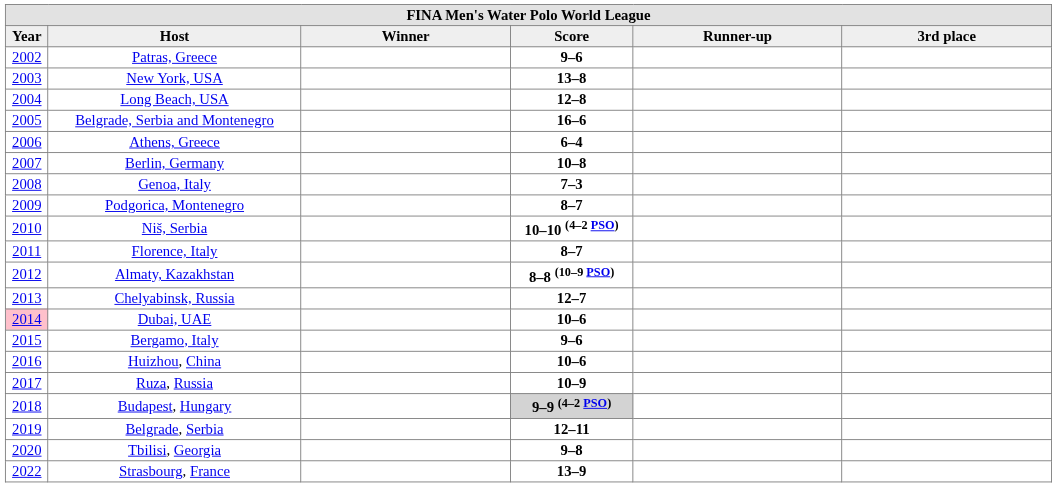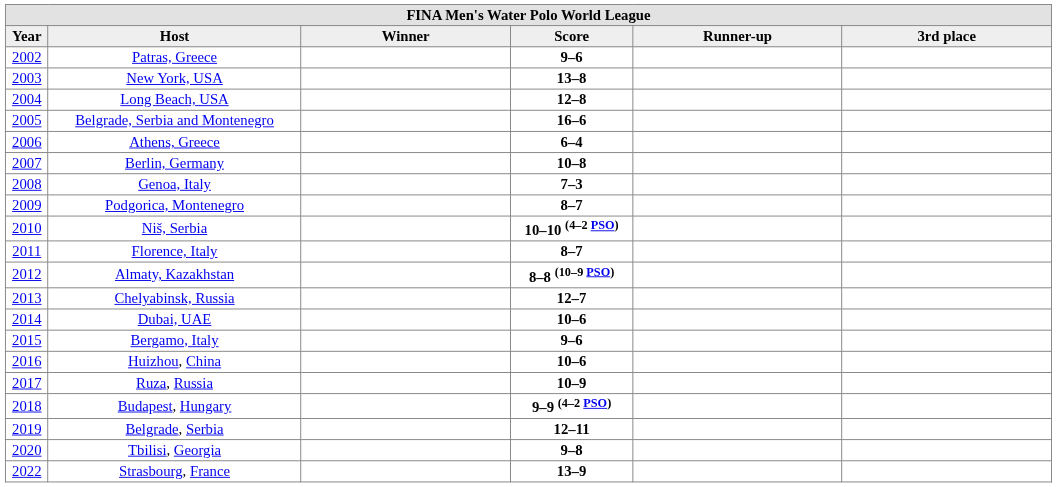 <table class="toccolours" border="1" cellpadding="2" style="border-collapse: collapse; text-align: center; width: 90%; margin: 0 auto;">
 <tr style= "background: #e2e2e2;">
 <th colspan=6 width=100%>FINA Men's Water Polo World League</th>
 </tr>
 <tr style="background: #efefef;">
 <th>Year</th>
 <th>Host</th>
 <th width=20%>Winner</th>
 <th>Score</th>
 <th width=20%>Runner-up</th>
 <th width=20%>3rd place</th>
 </tr>
 <tr>
 <td><a href='#'>2002</a></td>
 <td><a href='#'>Patras, Greece</a></td>
 <td><strong></strong></td>
 <td><strong>9–6</strong></td>
 <td></td>
 <td></td>
 </tr>
 <tr>
 <td><a href='#'>2003</a></td>
 <td><a href='#'>New York, USA</a></td>
 <td><strong></strong></td>
 <td><strong>13–8</strong></td>
 <td></td>
 <td></td>
 </tr>
 <tr>
 <td><a href='#'>2004</a></td>
 <td><a href='#'>Long Beach, USA</a></td>
 <td><strong></strong></td>
 <td><strong>12–8</strong></td>
 <td></td>
 <td></td>
 </tr>
 <tr>
 <td><a href='#'>2005</a></td>
 <td><a href='#'>Belgrade, Serbia and Montenegro</a></td>
 <td><strong></strong></td>
 <td><strong>16–6</strong></td>
 <td></td>
 <td></td>
 </tr>
 <tr>
 <td><a href='#'>2006</a></td>
 <td><a href='#'>Athens, Greece</a></td>
 <td><strong></strong></td>
 <td><strong>6–4</strong></td>
 <td></td>
 <td></td>
 </tr>
 <tr>
 <td><a href='#'>2007</a></td>
 <td><a href='#'>Berlin, Germany</a></td>
 <td><strong></strong></td>
 <td><strong>10–8</strong></td>
 <td></td>
 <td></td>
 </tr>
 <tr>
 <td><a href='#'>2008</a></td>
 <td><a href='#'>Genoa, Italy</a></td>
 <td><strong></strong></td>
 <td><strong>7–3</strong></td>
 <td></td>
 <td></td>
 </tr>
 <tr>
 <td><a href='#'>2009</a></td>
 <td><a href='#'>Podgorica, Montenegro</a></td>
 <td><strong></strong></td>
 <td><strong>8–7</strong></td>
 <td></td>
 <td></td>
 </tr>
 <tr>
 <td><a href='#'>2010</a></td>
 <td><a href='#'>Niš, Serbia</a></td>
 <td><strong></strong></td>
 <td><strong>10–10 <sup>(4–2 <a href='#'>PSO</a>)</sup></strong></td>
 <td></td>
 <td></td>
 </tr>
 <tr>
 <td><a href='#'>2011</a></td>
 <td><a href='#'>Florence, Italy</a></td>
 <td><strong></strong></td>
 <td><strong>8–7</strong></td>
 <td></td>
 <td></td>
 </tr>
 <tr>
 <td><a href='#'>2012</a></td>
 <td><a href='#'>Almaty, Kazakhstan</a></td>
 <td><strong></strong></td>
 <td><strong>8–8 <sup>(10–9 <a href='#'>PSO</a>)</sup></strong></td>
 <td></td>
 <td></td>
 </tr>
 <tr>
 <td><a href='#'>2013</a></td>
 <td><a href='#'>Chelyabinsk, Russia</a></td>
 <td><strong></strong></td>
 <td><strong>12–7</strong></td>
 <td></td>
 <td></td>
 </tr>
 <tr>
-<td style="background: pink;"><a href='#'>2014</a></td>
+<td><a href='#'>2014</a></td>
 <td><a href='#'>Dubai, UAE</a></td>
 <td><strong></strong></td>
 <td><strong>10–6</strong></td>
 <td></td>
 <td></td>
 </tr>
 <tr>
 <td><a href='#'>2015</a></td>
 <td><a href='#'>Bergamo, Italy</a></td>
 <td><strong></strong></td>
 <td><strong>9–6</strong></td>
 <td></td>
 <td></td>
 </tr>
 <tr>
 <td><a href='#'>2016</a></td>
 <td><a href='#'>Huizhou</a>, <a href='#'>China</a></td>
 <td><strong></strong></td>
 <td><strong>10–6</strong></td>
 <td></td>
 <td></td>
 </tr>
 <tr>
 <td><a href='#'>2017</a></td>
 <td><a href='#'>Ruza</a>, <a href='#'>Russia</a></td>
 <td><strong></strong></td>
 <td><strong>10–9</strong></td>
 <td></td>
 <td></td>
 </tr>
 <tr>
 <td><a href='#'>2018</a></td>
 <td><a href='#'>Budapest</a>, <a href='#'>Hungary</a></td>
 <td><strong></strong></td>
-<td style="background: lightgrey;"><strong>9–9 <sup>(4–2 <a href='#'>PSO</a>)</sup></strong></td>
+<td><strong>9–9 <sup>(4–2 <a href='#'>PSO</a>)</sup></strong></td>
 <td></td>
 <td></td>
 </tr>
 <tr>
 <td><a href='#'>2019</a></td>
 <td><a href='#'>Belgrade</a>, <a href='#'>Serbia</a></td>
 <td><strong></strong></td>
 <td><strong>12–11</strong></td>
 <td></td>
 <td></td>
 </tr>
 <tr>
 <td><a href='#'>2020</a></td>
 <td><a href='#'>Tbilisi</a>, <a href='#'>Georgia</a></td>
 <td><strong></strong></td>
 <td><strong>9–8</strong></td>
 <td></td>
 <td></td>
 </tr>
 <tr>
 <td><a href='#'>2022</a></td>
 <td><a href='#'>Strasbourg</a>, <a href='#'>France</a></td>
 <td><strong></strong></td>
 <td><strong>13–9</strong></td>
 <td></td>
 <td></td>
 </tr>
 </table>
